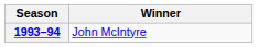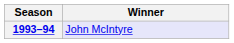 <table class="wikitable">
 <tr>
 <th scope="col" style="width:5em">Season</th>
 <th scope="col" style="width:15em">Winner</th>
 </tr>
 <tr>
 <th scope="row"><a href='#'>1993–94</a></th>
-<td><a href='#'>John McIntyre</a></td>
+<td style="background: lavender;"><a href='#'>John McIntyre</a></td>
 </tr>
 </table>
